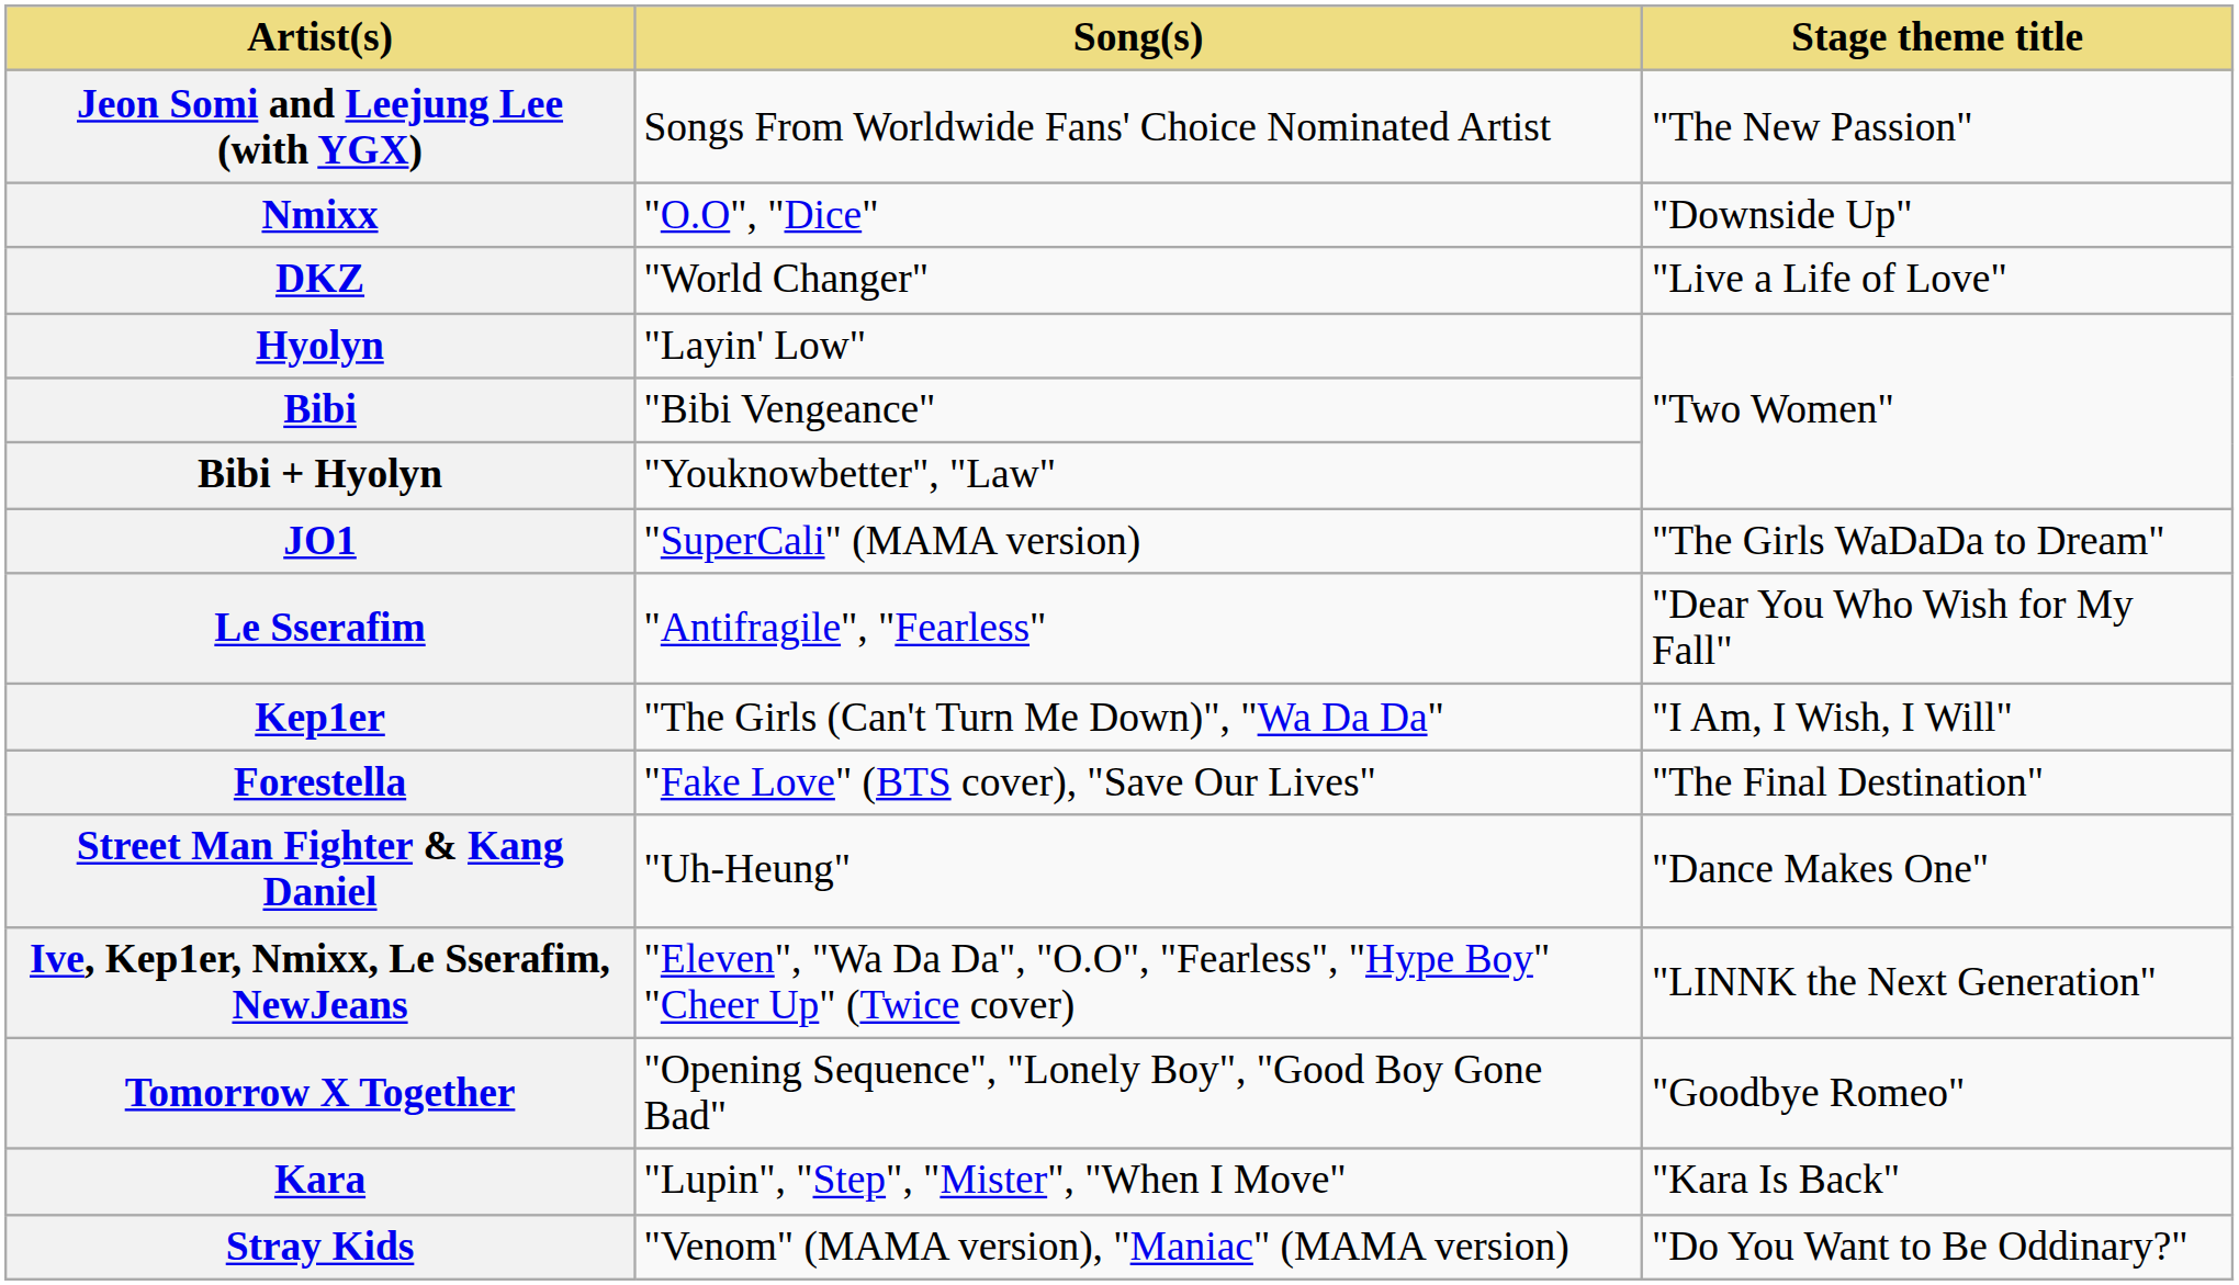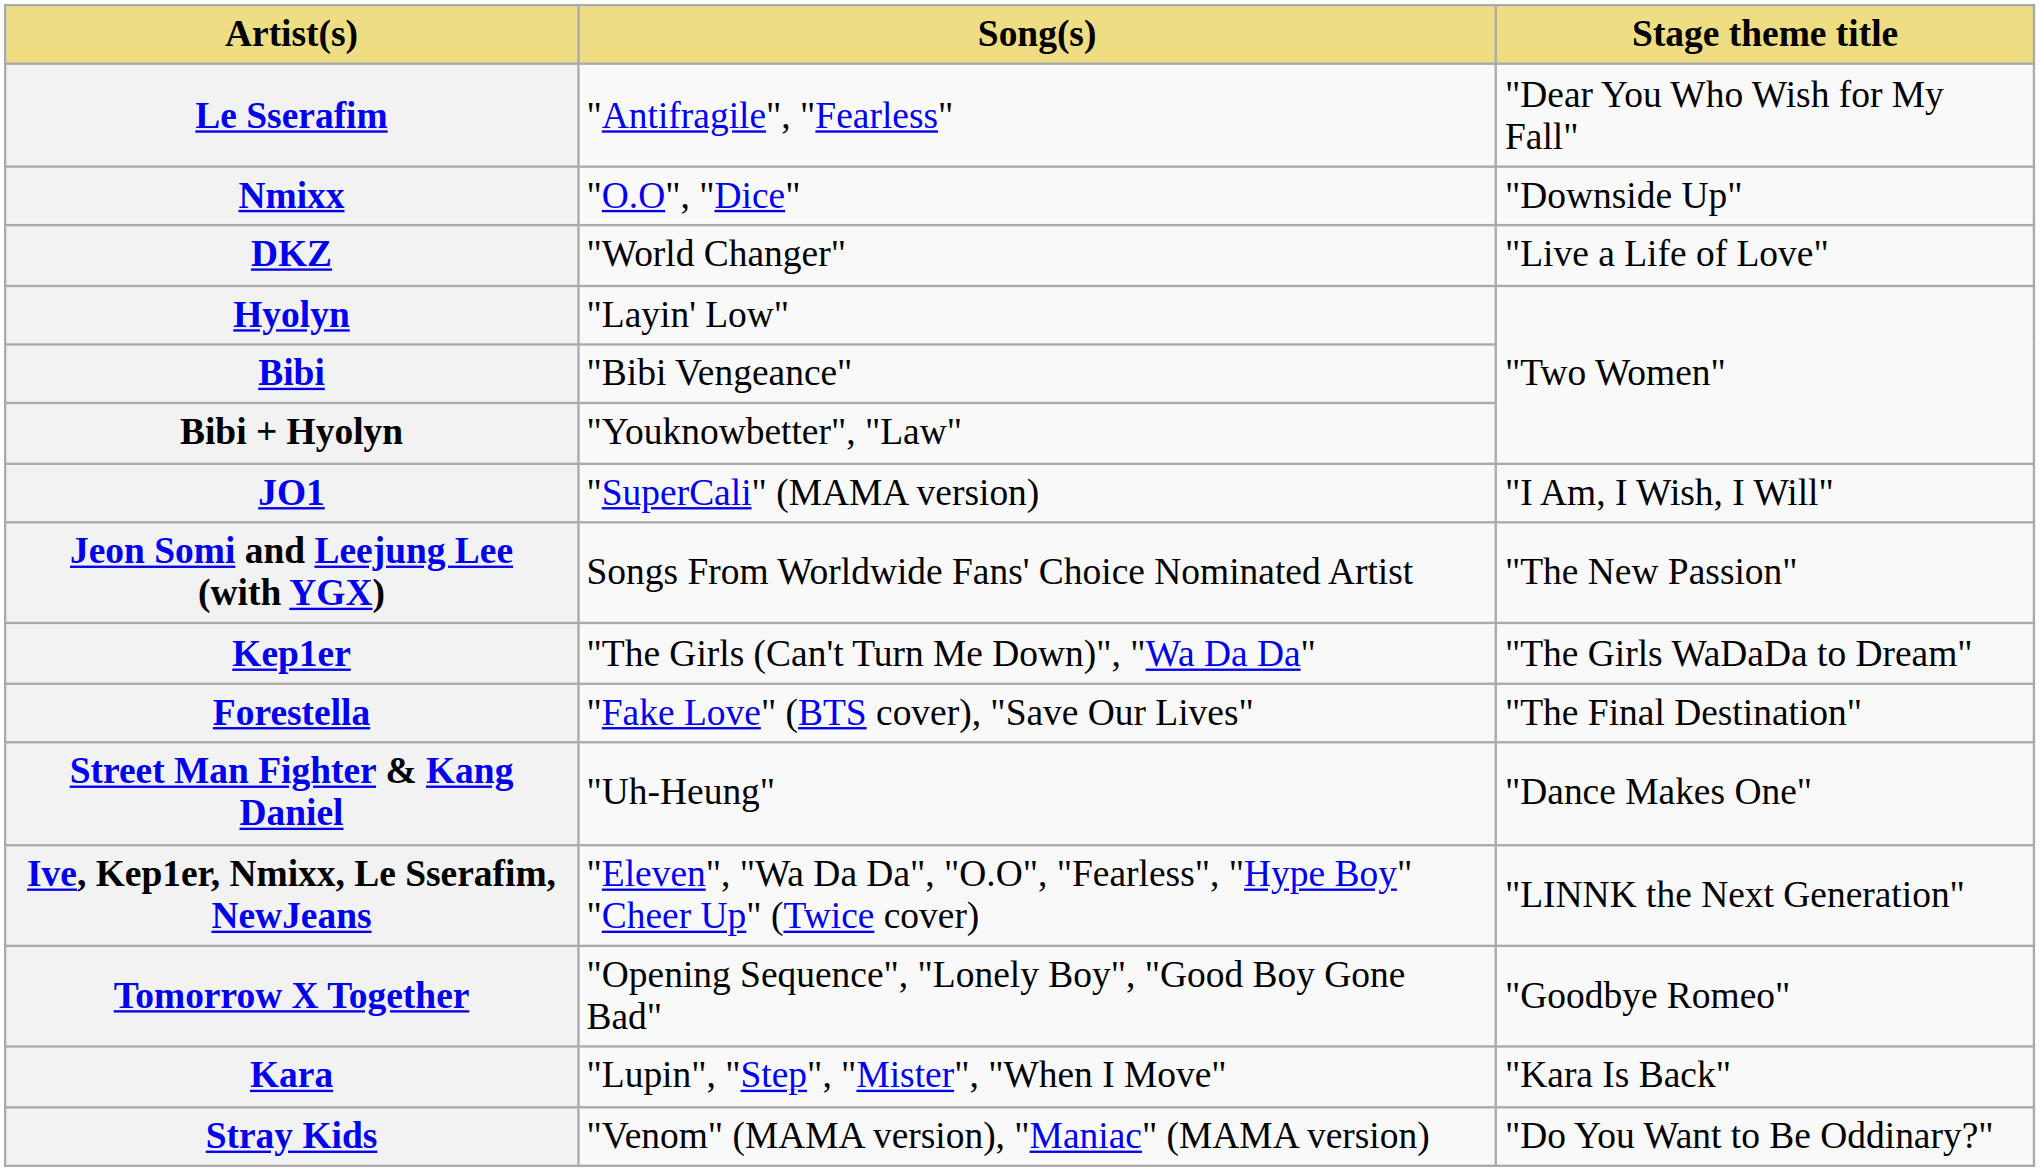 <table class="wikitable plainrowheaders">
 <tr>
 <th scope="col" style="background:#EEDD82;">Artist(s)</th>
 <th scope="col" style="background:#EEDD82;">Song(s)</th>
 <th scope="col" style="background:#EEDD82;">Stage theme title</th>
 </tr>
 <tr>
-<th scope="row"><a href='#'>Jeon Somi</a> and <a href='#'>Leejung Lee</a><br>(with <a href='#'>YGX</a>)</th>
-<td>Songs From Worldwide Fans' Choice Nominated Artist</td>
-<td>"The New Passion"</td>
+<th scope="row"><a href='#'>Le Sserafim</a></th>
+<td>"<a href='#'>Antifragile</a>", "<a href='#'>Fearless</a>"</td>
+<td>"Dear You Who Wish for My Fall"</td>
 </tr>
 <tr>
 <th scope="row"><a href='#'>Nmixx</a></th>
 <td>"<a href='#'>O.O</a>", "<a href='#'>Dice</a>"</td>
 <td>"Downside Up"</td>
 </tr>
 <tr>
 <th scope="row"><a href='#'>DKZ</a></th>
 <td>"World Changer"</td>
 <td>"Live a Life of Love"</td>
 </tr>
 <tr>
 <th scope="row"><a href='#'>Hyolyn</a></th>
 <td>"Layin' Low"</td>
 <td rowspan="3">"Two Women"</td>
 </tr>
 <tr>
 <th scope="row"><a href='#'>Bibi</a></th>
 <td>"Bibi Vengeance"</td>
 </tr>
 <tr>
 <th scope="row">Bibi + Hyolyn</th>
 <td>"Youknowbetter", "Law"</td>
 </tr>
 <tr>
 <th scope="row"><a href='#'>JO1</a></th>
 <td>"<a href='#'>SuperCali</a>" (MAMA version)</td>
-<td>"The Girls WaDaDa to Dream"</td>
+<td>"I Am, I Wish, I Will"</td>
 </tr>
 <tr>
-<th scope="row"><a href='#'>Le Sserafim</a></th>
-<td>"<a href='#'>Antifragile</a>", "<a href='#'>Fearless</a>"</td>
-<td>"Dear You Who Wish for My Fall"</td>
+<th scope="row"><a href='#'>Jeon Somi</a> and <a href='#'>Leejung Lee</a><br>(with <a href='#'>YGX</a>)</th>
+<td>Songs From Worldwide Fans' Choice Nominated Artist</td>
+<td>"The New Passion"</td>
 </tr>
 <tr>
 <th scope="row"><a href='#'>Kep1er</a></th>
 <td>"The Girls (Can't Turn Me Down)", "<a href='#'>Wa Da Da</a>"</td>
-<td>"I Am, I Wish, I Will"</td>
+<td>"The Girls WaDaDa to Dream"</td>
 </tr>
 <tr>
 <th scope="row"><a href='#'>Forestella</a></th>
 <td>"<a href='#'>Fake Love</a>" (<a href='#'>BTS</a> cover), "Save Our Lives"</td>
 <td>"The Final Destination"</td>
 </tr>
 <tr>
 <th scope="row"><a href='#'>Street Man Fighter</a> & <a href='#'>Kang Daniel</a></th>
 <td>"Uh-Heung"</td>
 <td>"Dance Makes One"</td>
 </tr>
 <tr>
 <th scope="row"><a href='#'>Ive</a>, Kep1er, Nmixx, Le Sserafim,<br><a href='#'>NewJeans</a></th>
 <td>"<a href='#'>Eleven</a>", "Wa Da Da", "O.O", "Fearless", "<a href='#'>Hype Boy</a>"<br>"<a href='#'>Cheer Up</a>" (<a href='#'>Twice</a> cover)</td>
 <td>"LINNK the Next Generation"</td>
 </tr>
 <tr>
 <th scope="row"><a href='#'>Tomorrow X Together</a></th>
 <td>"Opening Sequence", "Lonely Boy", "Good Boy Gone Bad"</td>
 <td>"Goodbye Romeo"</td>
 </tr>
 <tr>
 <th scope="row"><a href='#'>Kara</a></th>
 <td>"Lupin", "<a href='#'>Step</a>", "<a href='#'>Mister</a>", "When I Move"</td>
 <td>"Kara Is Back"</td>
 </tr>
 <tr>
 <th scope="row"><a href='#'>Stray Kids</a></th>
 <td>"Venom" (MAMA version), "<a href='#'>Maniac</a>" (MAMA version)</td>
 <td>"Do You Want to Be Oddinary?"</td>
 </tr>
 </table>
